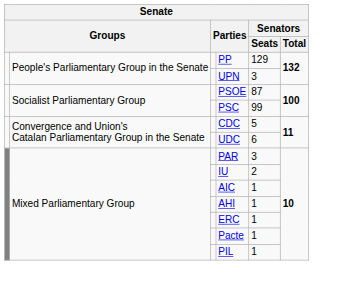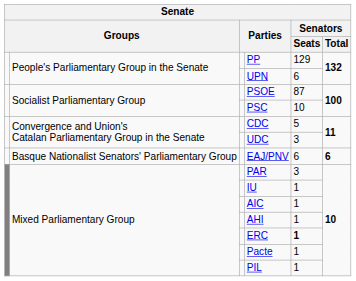 <table class="wikitable" style="text-align:left;">
 <tr>
 <th colspan="6">Senate</th>
 </tr>
 <tr>
 <th rowspan="2" colspan="2">Groups</th>
 <th rowspan="2" colspan="2">Parties</th>
 <th colspan="2">Senators</th>
 </tr>
 <tr>
 <th>Seats</th>
 <th>Total</th>
 </tr>
 <tr>
 <td width="1" rowspan="2"></td>
 <td rowspan="2">People's Parliamentary Group in the Senate</td>
 <td width="1" style="color:inherit;background:"></td>
 <td><a href='#'>PP</a></td>
 <td>129</td>
 <td rowspan="2"><strong>132</strong></td>
 </tr>
 <tr>
 <td style="color:inherit;background:"></td>
 <td><a href='#'>UPN</a></td>
-<td>3</td>
+<td>6</td>
 </tr>
 <tr>
 <td rowspan="2" style="color:inherit;background:"></td>
 <td rowspan="2">Socialist Parliamentary Group</td>
 <td style="color:inherit;background:"></td>
 <td><a href='#'>PSOE</a></td>
 <td>87</td>
 <td rowspan="2"><strong>100</strong></td>
 </tr>
 <tr>
 <td style="color:inherit;background:"></td>
 <td><a href='#'>PSC</a></td>
-<td>99</td>
+<td>10</td>
 </tr>
 <tr>
 <td rowspan="2" style="color:inherit;background:"></td>
 <td rowspan="2">Convergence and Union's<br>Catalan Parliamentary Group in the Senate</td>
 <td style="color:inherit;background:"></td>
 <td><a href='#'>CDC</a></td>
 <td>5</td>
 <td rowspan="2"><strong>11</strong></td>
 </tr>
 <tr>
 <td style="color:inherit;background:"></td>
 <td><a href='#'>UDC</a></td>
+<td>3</td>
+</tr>
+<tr>
+<td style="color:inherit;background:"></td>
+<td>Basque Nationalist Senators' Parliamentary Group</td>
+<td style="color:inherit;background:"></td>
+<td><a href='#'>EAJ/PNV</a></td>
 <td>6</td>
+<td><strong>6</strong></td>
 </tr>
 <tr>
 <td rowspan="7" bgcolor="gray"></td>
 <td rowspan="7">Mixed Parliamentary Group</td>
 <td style="color:inherit;background:"></td>
 <td><a href='#'>PAR</a></td>
 <td>3</td>
 <td rowspan="7"><strong>10</strong></td>
 </tr>
 <tr>
 <td style="color:inherit;background:"></td>
 <td><a href='#'>IU</a></td>
-<td>2</td>
+<td>1</td>
 </tr>
 <tr>
 <td style="color:inherit;background:"></td>
 <td><a href='#'>AIC</a></td>
 <td>1</td>
 </tr>
 <tr>
 <td style="color:inherit;background:"></td>
 <td><a href='#'>AHI</a></td>
 <td>1</td>
 </tr>
 <tr>
 <td style="color:inherit;background:"></td>
 <td><a href='#'>ERC</a></td>
-<td>1</td>
+<td><strong>1</strong></td>
 </tr>
 <tr>
 <td style="color:inherit;background:"></td>
 <td><a href='#'>Pacte</a></td>
 <td>1</td>
 </tr>
 <tr>
 <td style="color:inherit;background:"></td>
 <td><a href='#'>PIL</a></td>
 <td>1</td>
 </tr>
 </table>
